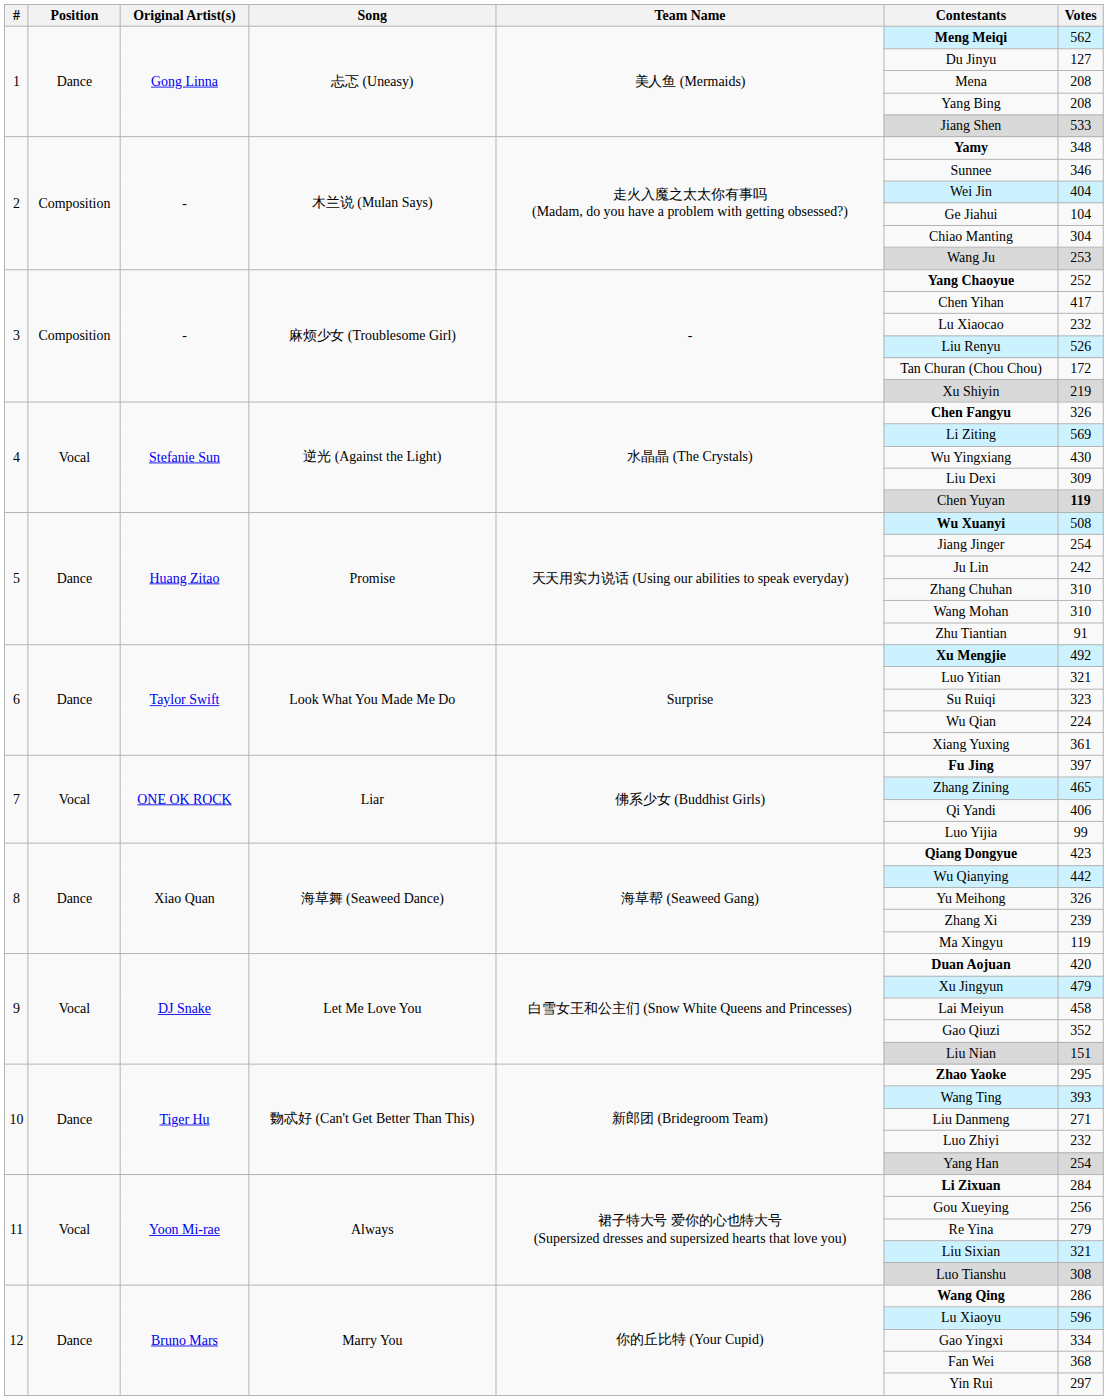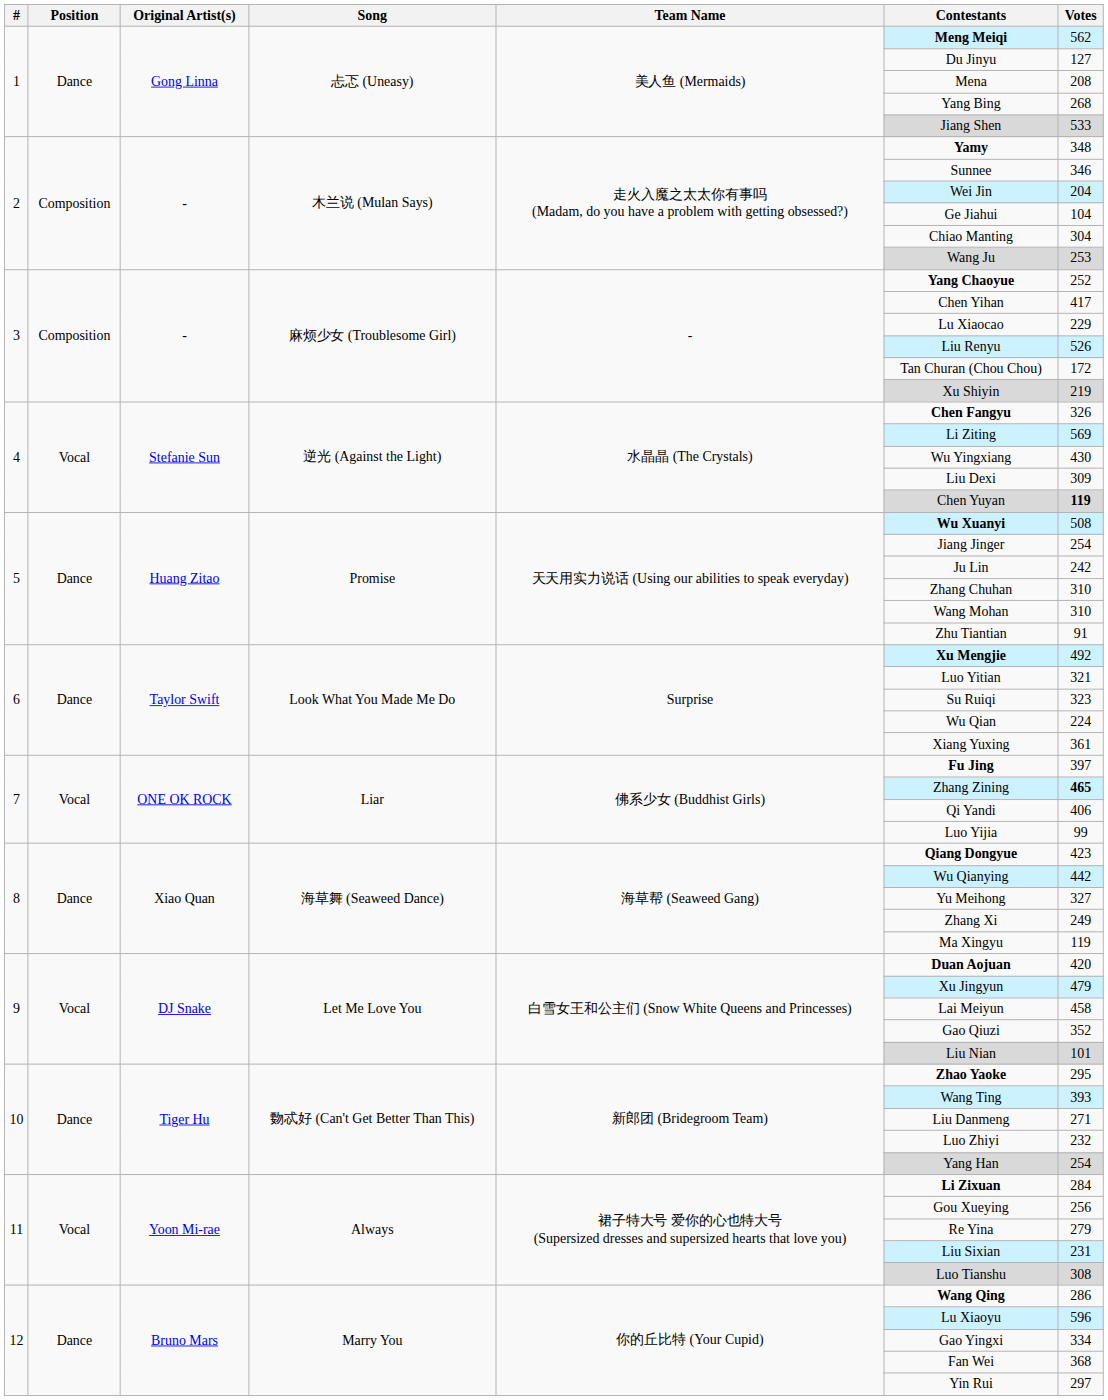 <table class="wikitable sortable" style="text-align:center; width:100%">
 <tr>
 <th>#</th>
 <th>Position</th>
 <th>Original Artist(s)</th>
 <th>Song</th>
 <th>Team Name</th>
 <th>Contestants</th>
 <th>Votes</th>
 </tr>
 <tr>
 <td rowspan="5">1</td>
 <td rowspan="5">Dance</td>
 <td rowspan="5"><a href='#'>Gong Linna</a></td>
 <td rowspan="5">忐忑 (Uneasy)</td>
 <td rowspan="5">美人鱼 (Mermaids)</td>
 <td style=background:#CCF2FF;><strong>Meng Meiqi</strong></td>
 <td style=background:#CCF2FF;>562</td>
 </tr>
 <tr>
 <td>Du Jinyu</td>
 <td>127</td>
 </tr>
 <tr>
 <td>Mena</td>
 <td>208</td>
 </tr>
 <tr>
 <td>Yang Bing</td>
-<td>208</td>
+<td>268</td>
 </tr>
 <tr>
 <td style=background:#D9D9D9;>Jiang Shen</td>
 <td style=background:#D9D9D9;>533</td>
 </tr>
 <tr>
 <td rowspan="6">2</td>
 <td rowspan="6">Composition</td>
 <td rowspan="6">-</td>
 <td rowspan="6">木兰说 (Mulan Says)</td>
 <td rowspan="6">走火入魔之太太你有事吗<br>(Madam, do you have a problem with getting obsessed?)</td>
 <td><strong>Yamy</strong></td>
 <td>348</td>
 </tr>
 <tr>
 <td>Sunnee</td>
 <td>346</td>
 </tr>
 <tr>
 <td style=background:#CCF2FF;>Wei Jin</td>
-<td style=background:#CCF2FF;>404</td>
+<td style=background:#CCF2FF;>204</td>
 </tr>
 <tr>
 <td>Ge Jiahui</td>
 <td>104</td>
 </tr>
 <tr>
 <td>Chiao Manting</td>
 <td>304</td>
 </tr>
 <tr>
 <td style=background:#D9D9D9;>Wang Ju</td>
 <td style=background:#D9D9D9;>253</td>
 </tr>
 <tr>
 <td rowspan="6">3</td>
 <td rowspan="6">Composition</td>
 <td rowspan="6">-</td>
 <td rowspan="6">麻烦少女 (Troublesome Girl)</td>
 <td rowspan="6">-</td>
 <td><strong>Yang Chaoyue</strong></td>
 <td>252</td>
 </tr>
 <tr>
 <td>Chen Yihan</td>
 <td>417</td>
 </tr>
 <tr>
 <td>Lu Xiaocao</td>
-<td>232</td>
+<td>229</td>
 </tr>
 <tr>
 <td style=background:#CCF2FF;>Liu Renyu</td>
 <td style=background:#CCF2FF;>526</td>
 </tr>
 <tr>
 <td>Tan Churan (Chou Chou)</td>
 <td>172</td>
 </tr>
 <tr>
 <td style=background:#D9D9D9;>Xu Shiyin</td>
 <td style=background:#D9D9D9;>219</td>
 </tr>
 <tr>
 <td rowspan="5">4</td>
 <td rowspan="5">Vocal</td>
 <td rowspan="5"><a href='#'>Stefanie Sun</a></td>
 <td rowspan="5">逆光 (Against the Light)</td>
 <td rowspan="5">水晶晶 (The Crystals)</td>
 <td><strong>Chen Fangyu</strong></td>
 <td>326</td>
 </tr>
 <tr>
 <td style=background:#CCF2FF;>Li Ziting</td>
 <td style=background:#CCF2FF;>569</td>
 </tr>
 <tr>
 <td>Wu Yingxiang</td>
 <td>430</td>
 </tr>
 <tr>
 <td>Liu Dexi</td>
 <td>309</td>
 </tr>
 <tr>
 <td style=background:#D9D9D9;>Chen Yuyan</td>
 <td style=background:#D9D9D9;><strong>119</strong></td>
 </tr>
 <tr>
 <td rowspan="6">5</td>
 <td rowspan="6">Dance</td>
 <td rowspan="6"><a href='#'>Huang Zitao</a></td>
 <td rowspan="6">Promise</td>
 <td rowspan="6">天天用实力说话 (Using our abilities to speak everyday)</td>
 <td style=background:#CCF2FF;><strong>Wu Xuanyi</strong></td>
 <td style=background:#CCF2FF;>508</td>
 </tr>
 <tr>
 <td>Jiang Jinger</td>
 <td>254</td>
 </tr>
 <tr>
 <td>Ju Lin</td>
 <td>242</td>
 </tr>
 <tr>
 <td>Zhang Chuhan</td>
 <td>310</td>
 </tr>
 <tr>
 <td>Wang Mohan</td>
 <td>310</td>
 </tr>
 <tr>
 <td>Zhu Tiantian</td>
 <td>91</td>
 </tr>
 <tr>
 <td rowspan="5">6</td>
 <td rowspan="5">Dance</td>
 <td rowspan="5"><a href='#'>Taylor Swift</a></td>
 <td rowspan="5">Look What You Made Me Do</td>
 <td rowspan="5">Surprise</td>
 <td style=background:#CCF2FF;><strong>Xu Mengjie</strong></td>
 <td style=background:#CCF2FF;>492</td>
 </tr>
 <tr>
 <td>Luo Yitian</td>
 <td>321</td>
 </tr>
 <tr>
 <td>Su Ruiqi</td>
 <td>323</td>
 </tr>
 <tr>
 <td>Wu Qian</td>
 <td>224</td>
 </tr>
 <tr>
 <td>Xiang Yuxing</td>
 <td>361</td>
 </tr>
 <tr>
 <td rowspan="4">7</td>
 <td rowspan="4">Vocal</td>
 <td rowspan="4"><a href='#'>ONE OK ROCK</a></td>
 <td rowspan="4">Liar</td>
 <td rowspan="4">佛系少女 (Buddhist Girls)</td>
 <td><strong>Fu Jing</strong></td>
 <td>397</td>
 </tr>
 <tr>
 <td style=background:#CCF2FF;>Zhang Zining</td>
-<td style=background:#CCF2FF;>465</td>
+<td style=background:#CCF2FF;><strong>465</strong></td>
 </tr>
 <tr>
 <td>Qi Yandi</td>
 <td>406</td>
 </tr>
 <tr>
 <td>Luo Yijia</td>
 <td>99</td>
 </tr>
 <tr>
 <td rowspan="5">8</td>
 <td rowspan="5">Dance</td>
 <td rowspan="5">Xiao Quan</td>
 <td rowspan="5">海草舞 (Seaweed Dance)</td>
 <td rowspan="5">海草帮 (Seaweed Gang)</td>
 <td><strong>Qiang Dongyue</strong></td>
 <td>423</td>
 </tr>
 <tr>
 <td style=background:#CCF2FF;>Wu Qianying</td>
 <td style=background:#CCF2FF;>442</td>
 </tr>
 <tr>
 <td>Yu Meihong</td>
-<td>326</td>
+<td>327</td>
 </tr>
 <tr>
 <td>Zhang Xi</td>
-<td>239</td>
+<td>249</td>
 </tr>
 <tr>
 <td>Ma Xingyu</td>
 <td>119</td>
 </tr>
 <tr>
 <td rowspan="5">9</td>
 <td rowspan="5">Vocal</td>
 <td rowspan="5"><a href='#'>DJ Snake</a></td>
 <td rowspan="5">Let Me Love You</td>
 <td rowspan="5">白雪女王和公主们 (Snow White Queens and Princesses)</td>
 <td><strong>Duan Aojuan</strong></td>
 <td>420</td>
 </tr>
 <tr>
 <td style=background:#CCF2FF;>Xu Jingyun</td>
 <td style=background:#CCF2FF;>479</td>
 </tr>
 <tr>
 <td>Lai Meiyun</td>
 <td>458</td>
 </tr>
 <tr>
 <td>Gao Qiuzi</td>
 <td>352</td>
 </tr>
 <tr>
 <td style=background:#D9D9D9;>Liu Nian</td>
-<td style=background:#D9D9D9;>151</td>
+<td style=background:#D9D9D9;>101</td>
 </tr>
 <tr>
 <td rowspan="5">10</td>
 <td rowspan="5">Dance</td>
 <td rowspan="5"><a href='#'>Tiger Hu</a></td>
 <td rowspan="5">覅忒好 (Can't Get Better Than This)</td>
 <td rowspan="5">新郎团 (Bridegroom Team)</td>
 <td><strong>Zhao Yaoke</strong></td>
 <td>295</td>
 </tr>
 <tr>
 <td style=background:#CCF2FF;>Wang Ting</td>
 <td style=background:#CCF2FF;>393</td>
 </tr>
 <tr>
 <td>Liu Danmeng</td>
 <td>271</td>
 </tr>
 <tr>
 <td>Luo Zhiyi</td>
 <td>232</td>
 </tr>
 <tr>
 <td style=background:#D9D9D9;>Yang Han</td>
 <td style=background:#D9D9D9;>254</td>
 </tr>
 <tr>
 <td rowspan="5">11</td>
 <td rowspan="5">Vocal</td>
 <td rowspan="5"><a href='#'>Yoon Mi-rae</a></td>
 <td rowspan="5">Always</td>
 <td rowspan="5">裙子特大号 爱你的心也特大号<br>(Supersized dresses and supersized hearts that love you)</td>
 <td><strong>Li Zixuan</strong></td>
 <td>284</td>
 </tr>
 <tr>
 <td>Gou Xueying</td>
 <td>256</td>
 </tr>
 <tr>
 <td>Re Yina</td>
 <td>279</td>
 </tr>
 <tr>
 <td style=background:#CCF2FF;>Liu Sixian</td>
-<td style=background:#CCF2FF;>321</td>
+<td style=background:#CCF2FF;>231</td>
 </tr>
 <tr>
 <td style=background:#D9D9D9;>Luo Tianshu</td>
 <td style=background:#D9D9D9;>308</td>
 </tr>
 <tr>
 <td rowspan="5">12</td>
 <td rowspan="5">Dance</td>
 <td rowspan="5"><a href='#'>Bruno Mars</a></td>
 <td rowspan="5">Marry You</td>
 <td rowspan="5">你的丘比特 (Your Cupid)</td>
 <td><strong>Wang Qing</strong></td>
 <td>286</td>
 </tr>
 <tr>
 <td style=background:#CCF2FF;>Lu Xiaoyu</td>
 <td style=background:#CCF2FF;>596</td>
 </tr>
 <tr>
 <td>Gao Yingxi</td>
 <td>334</td>
 </tr>
 <tr>
 <td>Fan Wei</td>
 <td>368</td>
 </tr>
 <tr>
 <td>Yin Rui</td>
 <td>297</td>
 </tr>
 </table>
